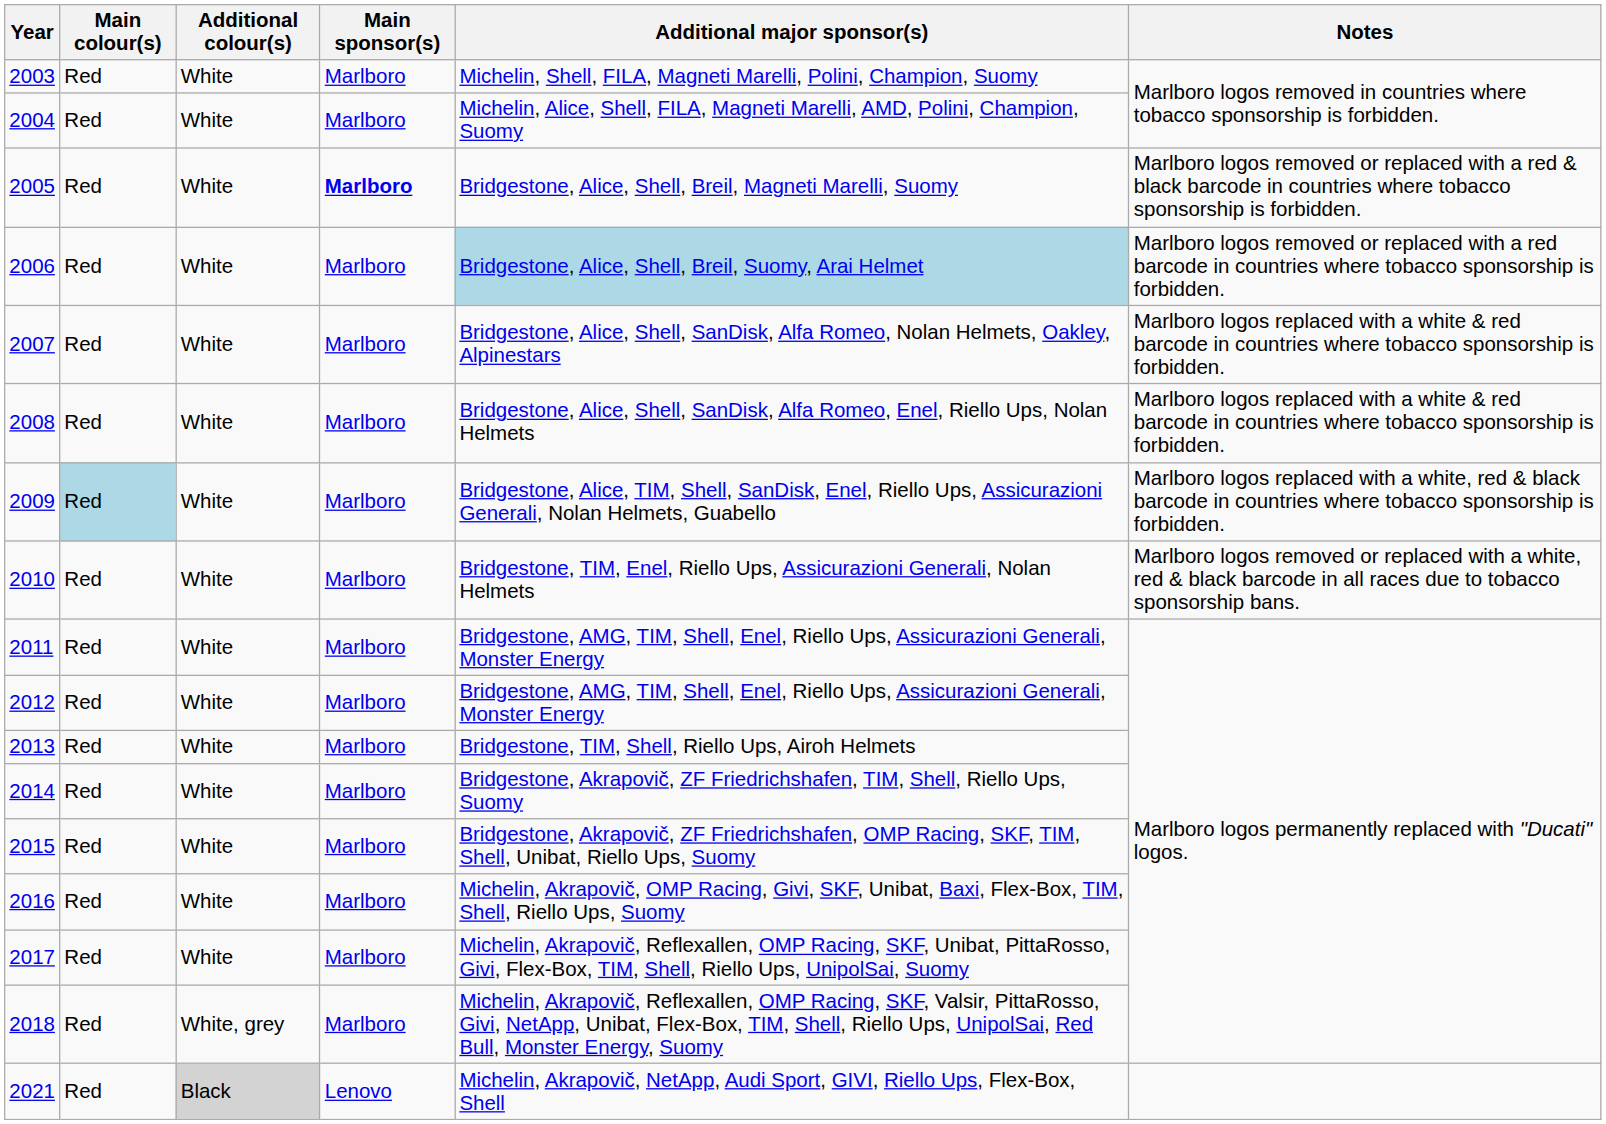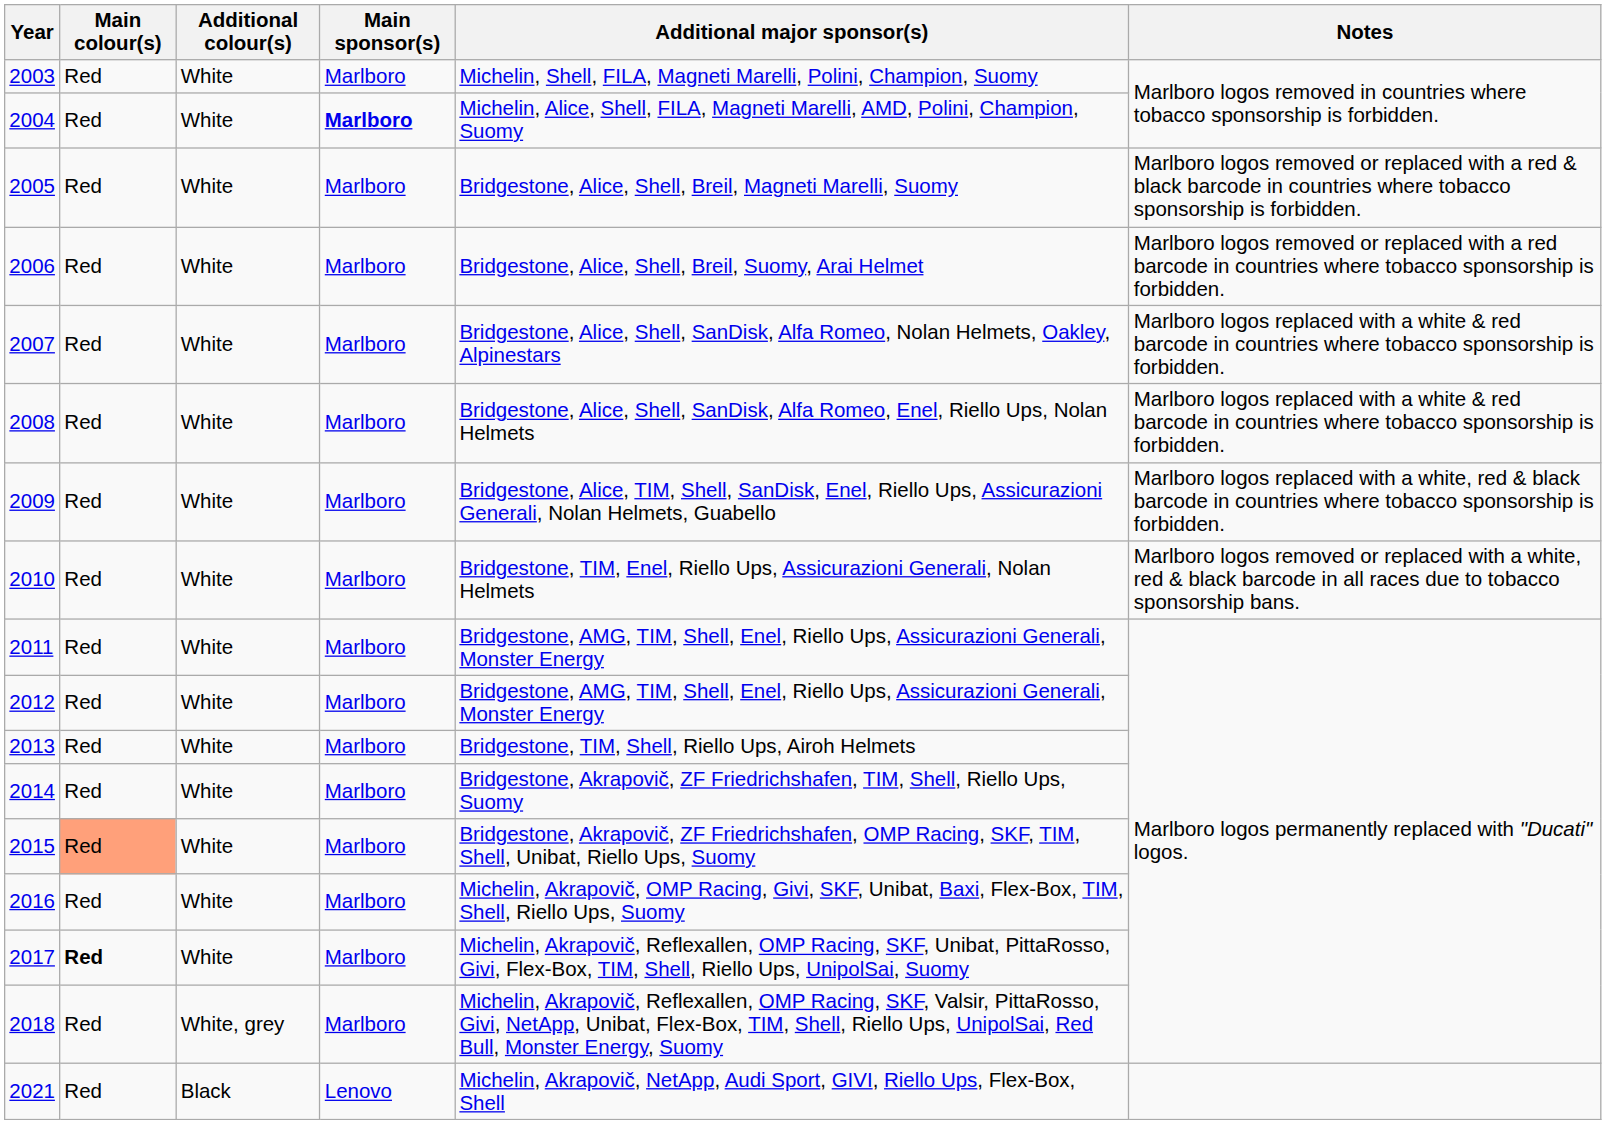 <table class="wikitable">
 <tr>
 <th>Year</th>
 <th>Main colour(s)</th>
 <th>Additional colour(s)</th>
 <th>Main sponsor(s)</th>
 <th>Additional major sponsor(s)</th>
 <th>Notes</th>
 </tr>
 <tr>
 <td><a href='#'>2003</a></td>
 <td>Red</td>
 <td>White</td>
 <td><a href='#'>Marlboro</a></td>
 <td><a href='#'>Michelin</a>, <a href='#'>Shell</a>, <a href='#'>FILA</a>, <a href='#'>Magneti Marelli</a>, <a href='#'>Polini</a>, <a href='#'>Champion</a>, <a href='#'>Suomy</a></td>
 <td rowspan="2">Marlboro logos removed in countries where tobacco sponsorship is forbidden.</td>
 </tr>
 <tr>
 <td><a href='#'>2004</a></td>
 <td>Red</td>
 <td>White</td>
-<td><a href='#'>Marlboro</a></td>
+<td><strong><a href='#'>Marlboro</a></strong></td>
 <td><a href='#'>Michelin</a>, <a href='#'>Alice</a>, <a href='#'>Shell</a>, <a href='#'>FILA</a>, <a href='#'>Magneti Marelli</a>, <a href='#'>AMD</a>, <a href='#'>Polini</a>, <a href='#'>Champion</a>, <a href='#'>Suomy</a></td>
 </tr>
 <tr>
 <td><a href='#'>2005</a></td>
 <td>Red</td>
 <td>White</td>
-<td><strong><a href='#'>Marlboro</a></strong></td>
+<td><a href='#'>Marlboro</a></td>
 <td><a href='#'>Bridgestone</a>, <a href='#'>Alice</a>, <a href='#'>Shell</a>, <a href='#'>Breil</a>, <a href='#'>Magneti Marelli</a>, <a href='#'>Suomy</a></td>
 <td>Marlboro logos removed or replaced with a red & black barcode in countries where tobacco sponsorship is forbidden.</td>
 </tr>
 <tr>
 <td><a href='#'>2006</a></td>
 <td>Red</td>
 <td>White</td>
 <td><a href='#'>Marlboro</a></td>
-<td style="background: lightblue;"><a href='#'>Bridgestone</a>, <a href='#'>Alice</a>, <a href='#'>Shell</a>, <a href='#'>Breil</a>, <a href='#'>Suomy</a>, <a href='#'>Arai Helmet</a></td>
+<td><a href='#'>Bridgestone</a>, <a href='#'>Alice</a>, <a href='#'>Shell</a>, <a href='#'>Breil</a>, <a href='#'>Suomy</a>, <a href='#'>Arai Helmet</a></td>
 <td>Marlboro logos removed or replaced with a red barcode in countries where tobacco sponsorship is forbidden.</td>
 </tr>
 <tr>
 <td><a href='#'>2007</a></td>
 <td>Red</td>
 <td>White</td>
 <td><a href='#'>Marlboro</a></td>
 <td><a href='#'>Bridgestone</a>, <a href='#'>Alice</a>, <a href='#'>Shell</a>, <a href='#'>SanDisk</a>, <a href='#'>Alfa Romeo</a>, Nolan Helmets, <a href='#'>Oakley</a>, <a href='#'>Alpinestars</a></td>
 <td>Marlboro logos replaced with a white & red barcode in countries where tobacco sponsorship is forbidden.</td>
 </tr>
 <tr>
 <td><a href='#'>2008</a></td>
 <td>Red</td>
 <td>White</td>
 <td><a href='#'>Marlboro</a></td>
 <td><a href='#'>Bridgestone</a>, <a href='#'>Alice</a>, <a href='#'>Shell</a>, <a href='#'>SanDisk</a>, <a href='#'>Alfa Romeo</a>, <a href='#'>Enel</a>, Riello Ups, Nolan Helmets</td>
 <td>Marlboro logos replaced with a white & red barcode in countries where tobacco sponsorship is forbidden.</td>
 </tr>
 <tr>
 <td><a href='#'>2009</a></td>
-<td style="background: lightblue;">Red</td>
+<td>Red</td>
 <td>White</td>
 <td><a href='#'>Marlboro</a></td>
 <td><a href='#'>Bridgestone</a>, <a href='#'>Alice</a>, <a href='#'>TIM</a>, <a href='#'>Shell</a>, <a href='#'>SanDisk</a>, <a href='#'>Enel</a>, Riello Ups, <a href='#'>Assicurazioni Generali</a>, Nolan Helmets, Guabello</td>
 <td>Marlboro logos replaced with a white, red & black barcode in countries where tobacco sponsorship is forbidden.</td>
 </tr>
 <tr>
 <td><a href='#'>2010</a></td>
 <td>Red</td>
 <td>White</td>
 <td><a href='#'>Marlboro</a></td>
 <td><a href='#'>Bridgestone</a>, <a href='#'>TIM</a>, <a href='#'>Enel</a>, Riello Ups, <a href='#'>Assicurazioni Generali</a>, Nolan Helmets</td>
 <td>Marlboro logos removed or replaced with a white, red & black barcode in all races due to tobacco sponsorship bans.</td>
 </tr>
 <tr>
 <td><a href='#'>2011</a></td>
 <td>Red</td>
 <td>White</td>
 <td><a href='#'>Marlboro</a></td>
 <td><a href='#'>Bridgestone</a>, <a href='#'>AMG</a>, <a href='#'>TIM</a>, <a href='#'>Shell</a>, <a href='#'>Enel</a>, Riello Ups, <a href='#'>Assicurazioni Generali</a>, <a href='#'>Monster Energy</a></td>
 <td rowspan="8">Marlboro logos permanently replaced with <em>"Ducati"</em> logos.</td>
 </tr>
 <tr>
 <td><a href='#'>2012</a></td>
 <td>Red</td>
 <td>White</td>
 <td><a href='#'>Marlboro</a></td>
 <td><a href='#'>Bridgestone</a>, <a href='#'>AMG</a>, <a href='#'>TIM</a>, <a href='#'>Shell</a>, <a href='#'>Enel</a>, Riello Ups, <a href='#'>Assicurazioni Generali</a>, <a href='#'>Monster Energy</a></td>
 </tr>
 <tr>
 <td><a href='#'>2013</a></td>
 <td>Red</td>
 <td>White</td>
 <td><a href='#'>Marlboro</a></td>
 <td><a href='#'>Bridgestone</a>, <a href='#'>TIM</a>, <a href='#'>Shell</a>, Riello Ups, Airoh Helmets</td>
 </tr>
 <tr>
 <td><a href='#'>2014</a></td>
 <td>Red</td>
 <td>White</td>
 <td><a href='#'>Marlboro</a></td>
 <td><a href='#'>Bridgestone</a>, <a href='#'>Akrapovič</a>, <a href='#'>ZF Friedrichshafen</a>, <a href='#'>TIM</a>, <a href='#'>Shell</a>, Riello Ups, <a href='#'>Suomy</a></td>
 </tr>
 <tr>
 <td><a href='#'>2015</a></td>
-<td>Red</td>
+<td style="background: lightsalmon;">Red</td>
 <td>White</td>
 <td><a href='#'>Marlboro</a></td>
 <td><a href='#'>Bridgestone</a>, <a href='#'>Akrapovič</a>, <a href='#'>ZF Friedrichshafen</a>, <a href='#'>OMP Racing</a>, <a href='#'>SKF</a>, <a href='#'>TIM</a>, <a href='#'>Shell</a>, Unibat, Riello Ups, <a href='#'>Suomy</a></td>
 </tr>
 <tr>
 <td><a href='#'>2016</a></td>
 <td>Red</td>
 <td>White</td>
 <td><a href='#'>Marlboro</a></td>
 <td><a href='#'>Michelin</a>, <a href='#'>Akrapovič</a>, <a href='#'>OMP Racing</a>, <a href='#'>Givi</a>, <a href='#'>SKF</a>, Unibat, <a href='#'>Baxi</a>, Flex-Box, <a href='#'>TIM</a>, <a href='#'>Shell</a>, Riello Ups, <a href='#'>Suomy</a></td>
 </tr>
 <tr>
 <td><a href='#'>2017</a></td>
-<td>Red</td>
+<td><strong>Red</strong></td>
 <td>White</td>
 <td><a href='#'>Marlboro</a></td>
 <td><a href='#'>Michelin</a>, <a href='#'>Akrapovič</a>, Reflexallen, <a href='#'>OMP Racing</a>, <a href='#'>SKF</a>, Unibat, PittaRosso, <a href='#'>Givi</a>, Flex-Box, <a href='#'>TIM</a>, <a href='#'>Shell</a>, Riello Ups, <a href='#'>UnipolSai</a>, <a href='#'>Suomy</a></td>
 </tr>
 <tr>
 <td><a href='#'>2018</a></td>
 <td>Red</td>
 <td>White, grey</td>
 <td><a href='#'>Marlboro</a></td>
 <td><a href='#'>Michelin</a>, <a href='#'>Akrapovič</a>, Reflexallen, <a href='#'>OMP Racing</a>, <a href='#'>SKF</a>, Valsir, PittaRosso, <a href='#'>Givi</a>, <a href='#'>NetApp</a>, Unibat, Flex-Box, <a href='#'>TIM</a>, <a href='#'>Shell</a>, Riello Ups, <a href='#'>UnipolSai</a>, <a href='#'>Red Bull</a>, <a href='#'>Monster Energy</a>, <a href='#'>Suomy</a></td>
 </tr>
 <tr>
 <td><a href='#'>2021</a></td>
 <td>Red</td>
-<td style="background: lightgrey;">Black</td>
+<td>Black</td>
 <td><a href='#'>Lenovo</a></td>
 <td><a href='#'>Michelin</a>, <a href='#'>Akrapovič</a>, <a href='#'>NetApp</a>, <a href='#'>Audi Sport</a>, <a href='#'>GIVI</a>, <a href='#'>Riello Ups</a>, Flex-Box, <a href='#'>Shell</a></td>
 </tr>
 </table>
